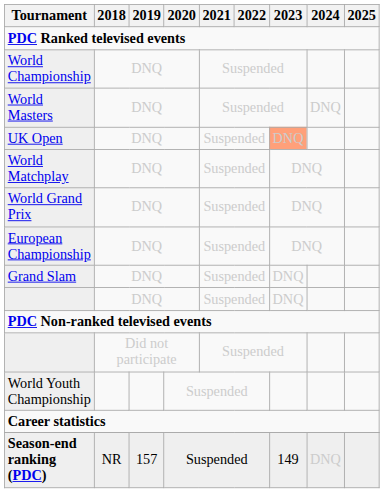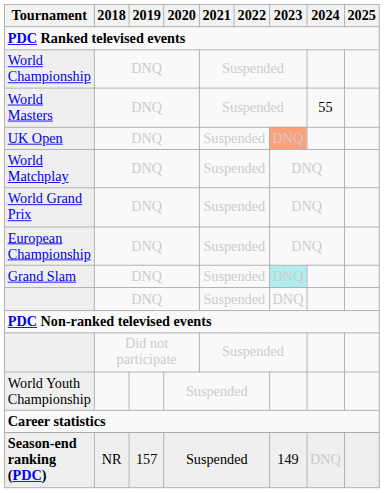 <table class="wikitable" style="width:30%; margin:0">
 <tr>
 <th>Tournament</th>
 <th>2018</th>
 <th>2019</th>
 <th>2020</th>
 <th>2021</th>
 <th>2022</th>
 <th>2023</th>
 <th>2024</th>
 <th>2025</th>
 </tr>
 <tr>
 <td colspan="32" align="left"><strong><a href='#'>PDC</a> Ranked televised events</strong></td>
 </tr>
 <tr>
 <td style="background:#efefef;"><a href='#'>World Championship</a></td>
 <td colspan="3" style="text-align:center; color:#ccc;">DNQ</td>
 <td colspan="3" style="text-align:center; color:#ccc;">Suspended</td>
 <td></td>
 <td></td>
 </tr>
 <tr>
 <td style="background:#efefef;"><a href='#'>World Masters</a></td>
 <td colspan="3" style="text-align:center; color:#ccc;">DNQ</td>
 <td colspan="3" style="text-align:center; color:#ccc;">Suspended</td>
-<td style="text-align:center; color:#ccc;">DNQ</td>
+<td style="text-align:center;">55</td>
 <td></td>
 </tr>
 <tr>
 <td style="background:#efefef;"><a href='#'>UK Open</a></td>
 <td colspan="3" style="text-align:center; color:#ccc;">DNQ</td>
 <td colspan="2" style="text-align:center; color:#ccc;">Suspended</td>
 <td style="background: lightsalmon; text-align:center; color:#ccc;">DNQ</td>
 <td></td>
 <td></td>
 </tr>
 <tr>
 <td style="background:#efefef;"><a href='#'>World Matchplay</a></td>
 <td colspan="3" style="text-align:center; color:#ccc;">DNQ</td>
 <td colspan="2" style="text-align:center; color:#ccc;">Suspended</td>
 <td colspan="2" style="text-align:center; color:#ccc;">DNQ</td>
 <td></td>
 </tr>
 <tr>
 <td style="background:#efefef;"><a href='#'>World Grand Prix</a></td>
 <td colspan="3" style="text-align:center; color:#ccc;">DNQ</td>
 <td colspan="2" style="text-align:center; color:#ccc;">Suspended</td>
 <td colspan="2" style="text-align:center; color:#ccc;">DNQ</td>
 <td></td>
 </tr>
 <tr>
 <td style="background:#efefef;"><a href='#'>European Championship</a></td>
 <td colspan="3" style="text-align:center; color:#ccc;">DNQ</td>
 <td colspan="2" style="text-align:center; color:#ccc;">Suspended</td>
 <td colspan="2" style="text-align:center; color:#ccc;">DNQ</td>
 <td></td>
 </tr>
 <tr>
 <td style="background:#efefef;"><a href='#'>Grand Slam</a></td>
 <td colspan="3" style="text-align:center; color:#ccc;">DNQ</td>
 <td colspan="2" style="text-align:center; color:#ccc;">Suspended</td>
-<td style="text-align:center; color:#ccc;">DNQ</td>
+<td style="background: paleturquoise; text-align:center; color:#ccc;">DNQ</td>
 <td></td>
 <td></td>
 </tr>
 <tr>
 <td style="background:#efefef;"></td>
 <td colspan="3" style="text-align:center; color:#ccc;">DNQ</td>
 <td colspan="2" style="text-align:center; color:#ccc;">Suspended</td>
 <td style="text-align:center; color:#ccc;">DNQ</td>
 <td></td>
 <td></td>
 </tr>
 <tr>
 <td colspan="15" align="left"><strong><a href='#'>PDC</a> Non-ranked televised events</strong></td>
 </tr>
 <tr>
 <td style="background:#efefef;"></td>
 <td colspan="3" style="text-align:center; color:#ccc;">Did not participate</td>
 <td colspan="3" style="text-align:center; color:#ccc;">Suspended</td>
 <td></td>
 <td></td>
 </tr>
 <tr>
 <td style="background:#efefef;">World Youth Championship</td>
 <td></td>
 <td></td>
 <td colspan="3" style="text-align:center; color:#ccc;">Suspended</td>
 <td></td>
 <td></td>
 <td></td>
 </tr>
 <tr>
 <td colspan="25" align="left"><strong>Career statistics</strong></td>
 </tr>
 <tr>
 </tr>
 <tr bgcolor="efefef">
 <td align="left"><strong>Season-end ranking (<a href='#'>PDC</a>)</strong></td>
 <td style="text-align:center;">NR</td>
 <td style="text-align:center;">157</td>
 <td colspan="3" style="text-align:center;">Suspended</td>
 <td style="text-align:center;">149</td>
 <td style="text-align:center; color:#ccc;">DNQ</td>
 <td></td>
 </tr>
 </table>
